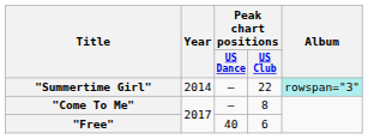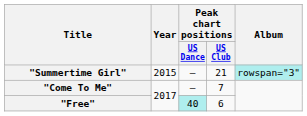 <table class="wikitable plainrowheaders" style="text-align:center;">
 <tr>
 <th scope="col" rowspan="2" style="width:15em;">Title</th>
 <th scope="col" rowspan="2" style="width:1em;">Year</th>
 <th scope="col" colspan="2">Peak chart positions</th>
 <th scope="col" rowspan="2">Album</th>
 </tr>
 <tr>
 <th scope="col" style="width:3em;font-size:85%;"><a href='#'>US<br>Dance</a><br></th>
 <th scope="col" style="width:3em;font-size:85%;"><a href='#'>US<br>Club</a><br></th>
 </tr>
 <tr>
 <th scope="row">"Summertime Girl"</th>
-<td>2014</td>
+<td>2015</td>
 <td>–</td>
-<td>22</td>
+<td>21</td>
 <td style="background: paleturquoise;">rowspan="3" </td>
 </tr>
 <tr>
 <th scope="row">"Come To Me"</th>
 <td rowspan="2">2017</td>
 <td>–</td>
-<td>8</td>
+<td>7</td>
 </tr>
 <tr>
 <th scope="row">"Free"</th>
-<td>40</td>
+<td style="background: paleturquoise;">40</td>
 <td>6</td>
 </tr>
 </table>
